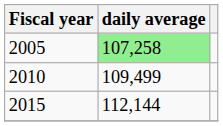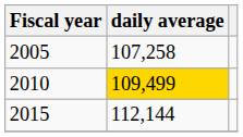 <table class="wikitable">
 <tr>
 <th>Fiscal year</th>
 <th>daily average</th>
 <th></th>
 </tr>
 <tr>
 <td>2005</td>
-<td style="background: lightgreen;">107,258</td>
+<td>107,258</td>
 <td></td>
 </tr>
 <tr>
 <td>2010</td>
-<td>109,499</td>
+<td style="background: gold;">109,499</td>
 <td></td>
 </tr>
 <tr>
 <td>2015</td>
 <td>112,144</td>
 <td></td>
 </tr>
 <tr>
 </tr>
 </table>
